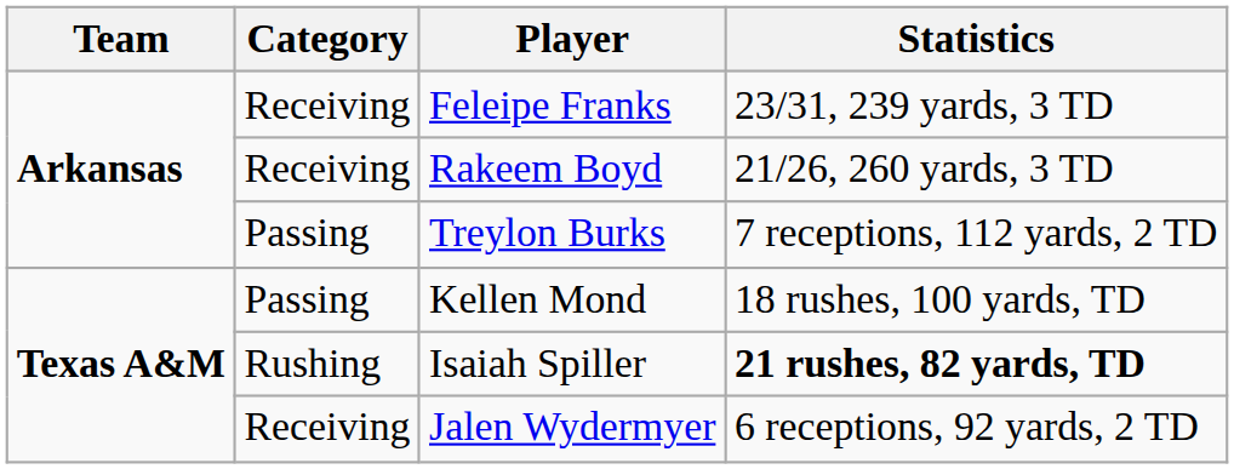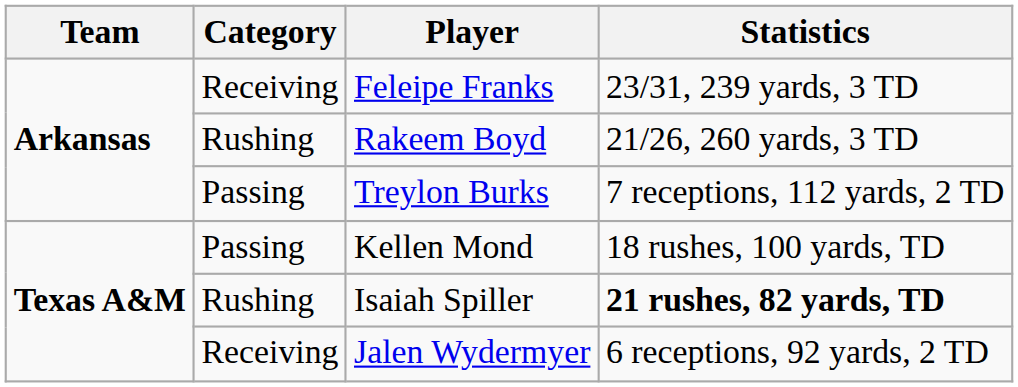 <table class="wikitable" style="float: right;">
 <tr>
 <th>Team</th>
 <th>Category</th>
 <th>Player</th>
 <th>Statistics</th>
 </tr>
 <tr>
 <td rowspan=3><strong>Arkansas</strong></td>
 <td>Receiving</td>
 <td><a href='#'>Feleipe Franks</a></td>
 <td>23/31, 239 yards, 3 TD</td>
 </tr>
 <tr>
-<td>Receiving</td>
+<td>Rushing</td>
 <td><a href='#'>Rakeem Boyd</a></td>
 <td>21/26, 260 yards, 3 TD</td>
 </tr>
 <tr>
 <td>Passing</td>
 <td><a href='#'>Treylon Burks</a></td>
 <td>7 receptions, 112 yards, 2 TD</td>
 </tr>
 <tr>
 <td rowspan=3><strong>Texas A&M</strong></td>
 <td>Passing</td>
 <td>Kellen Mond</td>
 <td>18 rushes, 100 yards, TD</td>
 </tr>
 <tr>
 <td>Rushing</td>
 <td>Isaiah Spiller</td>
 <td><strong>21 rushes, 82 yards, TD</strong></td>
 </tr>
 <tr>
 <td>Receiving</td>
 <td><a href='#'>Jalen Wydermyer</a></td>
 <td>6 receptions, 92 yards, 2 TD</td>
 </tr>
 </table>
